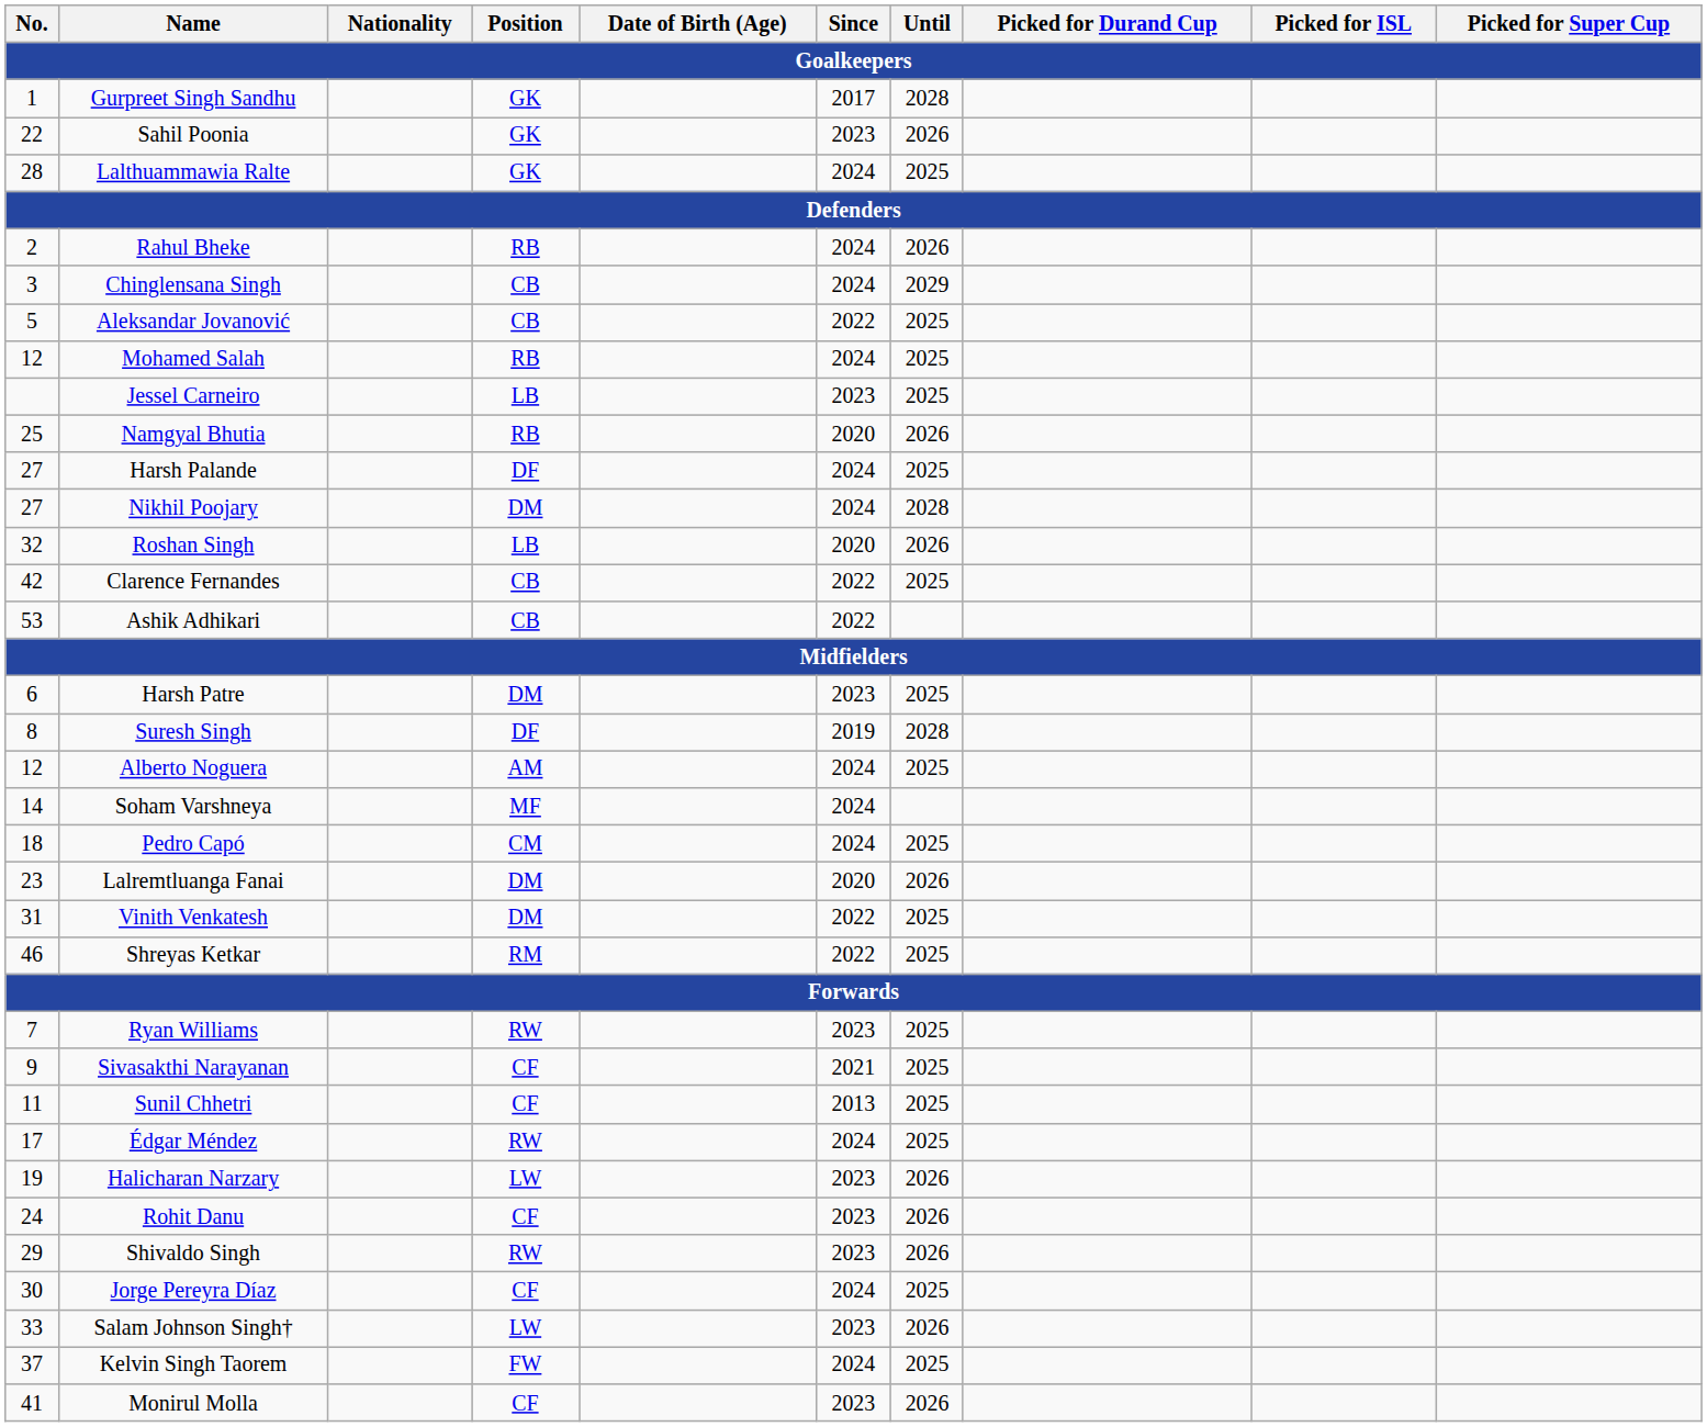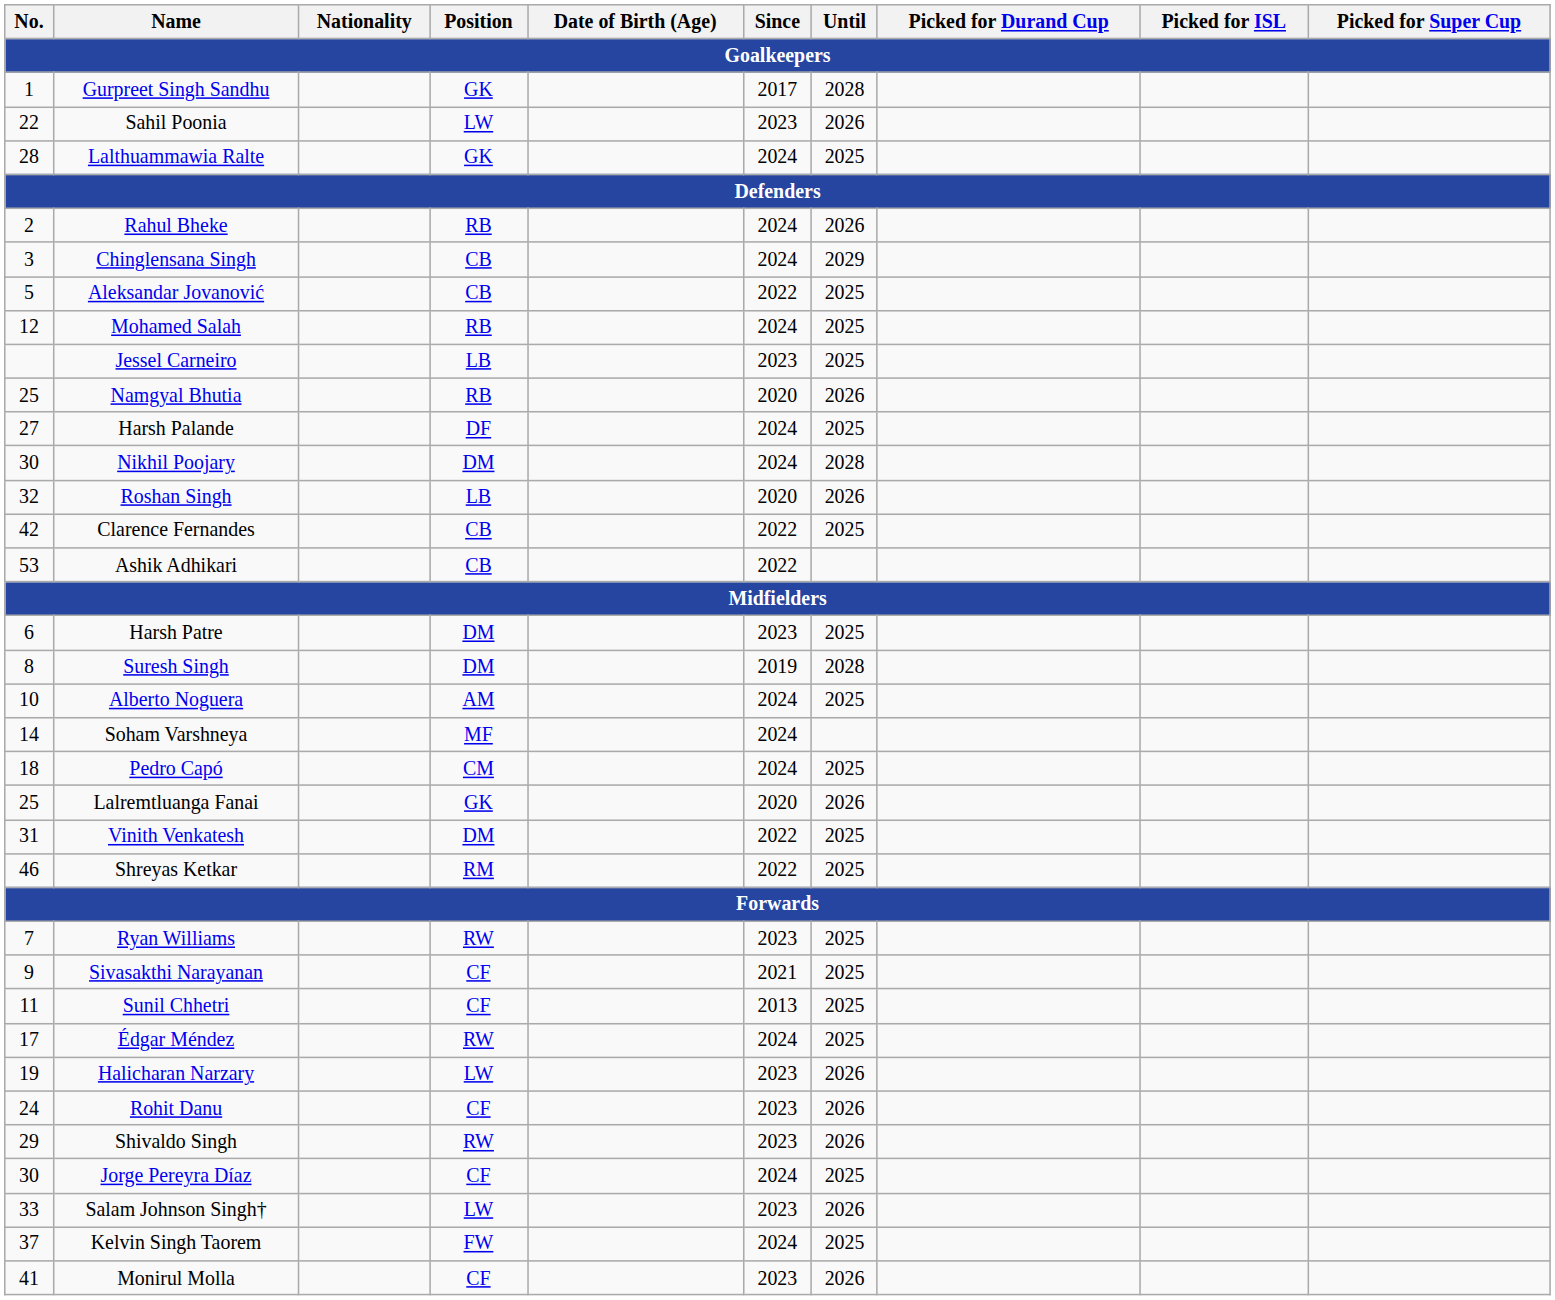 <table class="wikitable sortable" style="text-align:center; font-size:small; width:80%;">
 <tr>
 <th style="text-align:center;">No.</th>
 <th style="text-align:center;">Name</th>
 <th style="text-align:center;">Nationality</th>
 <th style="text-align:center;">Position</th>
 <th style="text-align:center;">Date of Birth (Age)</th>
 <th style="text-align:center;">Since</th>
 <th style="text-align:center;">Until</th>
 <th style="text-align:center;">Picked for <a href='#'>Durand Cup</a></th>
 <th style="text-align:center;">Picked for <a href='#'>ISL</a></th>
 <th style="text-align:center;">Picked for <a href='#'>Super Cup</a></th>
 </tr>
 <tr>
 <th colspan="10" style="background:#2545A0; color:#FFFFFF; ">Goalkeepers</th>
 </tr>
 <tr>
 <td>1</td>
 <td><a href='#'>Gurpreet Singh Sandhu</a></td>
 <td></td>
 <td><a href='#'>GK</a></td>
 <td></td>
 <td>2017</td>
 <td>2028</td>
 <td></td>
 <td></td>
 <td></td>
 </tr>
 <tr>
 <td>22</td>
 <td>Sahil Poonia</td>
 <td></td>
-<td><a href='#'>GK</a></td>
+<td><a href='#'>LW</a></td>
 <td></td>
 <td>2023</td>
 <td>2026</td>
 <td></td>
 <td></td>
 <td></td>
 </tr>
 <tr>
 <td>28</td>
 <td><a href='#'>Lalthuammawia Ralte</a></td>
 <td></td>
 <td><a href='#'>GK</a></td>
 <td></td>
 <td>2024</td>
 <td>2025</td>
 <td></td>
 <td></td>
 <td></td>
 </tr>
 <tr>
 <th colspan="10" style="background:#2545A0; color:#FFFFFF; ">Defenders</th>
 </tr>
 <tr>
 <td>2</td>
 <td><a href='#'>Rahul Bheke</a></td>
 <td></td>
 <td><a href='#'>RB</a></td>
 <td></td>
 <td>2024</td>
 <td>2026</td>
 <td></td>
 <td></td>
 <td></td>
 </tr>
 <tr>
 <td>3</td>
 <td><a href='#'>Chinglensana Singh</a></td>
 <td></td>
 <td><a href='#'>CB</a></td>
 <td></td>
 <td>2024</td>
 <td>2029</td>
 <td></td>
 <td></td>
 <td></td>
 </tr>
 <tr>
 <td>5</td>
 <td><a href='#'>Aleksandar Jovanović</a></td>
 <td> </td>
 <td><a href='#'>CB</a></td>
 <td></td>
 <td>2022</td>
 <td>2025</td>
 <td></td>
 <td></td>
 <td></td>
 </tr>
 <tr>
 <td>12</td>
 <td><a href='#'>Mohamed Salah</a></td>
 <td></td>
 <td><a href='#'>RB</a></td>
 <td></td>
 <td>2024</td>
 <td>2025</td>
 <td></td>
 <td></td>
 <td></td>
 </tr>
 <tr>
 <td></td>
 <td><a href='#'>Jessel Carneiro</a></td>
 <td></td>
 <td><a href='#'>LB</a></td>
 <td></td>
 <td>2023</td>
 <td>2025</td>
 <td></td>
 <td></td>
 <td></td>
 </tr>
 <tr>
 <td>25</td>
 <td><a href='#'>Namgyal Bhutia</a></td>
 <td></td>
 <td><a href='#'>RB</a></td>
 <td></td>
 <td>2020</td>
 <td>2026</td>
 <td></td>
 <td></td>
 <td></td>
 </tr>
 <tr>
 <td>27</td>
 <td>Harsh Palande</td>
 <td></td>
 <td><a href='#'>DF</a></td>
 <td></td>
 <td>2024</td>
 <td>2025</td>
 <td></td>
 <td></td>
 <td></td>
 </tr>
 <tr>
-<td>27</td>
+<td>30</td>
 <td><a href='#'>Nikhil Poojary</a></td>
 <td></td>
 <td><a href='#'>DM</a></td>
 <td></td>
 <td>2024</td>
 <td>2028</td>
 <td></td>
 <td></td>
 <td></td>
 </tr>
 <tr>
 <td>32</td>
 <td><a href='#'>Roshan Singh</a></td>
 <td></td>
 <td><a href='#'>LB</a></td>
 <td></td>
 <td>2020</td>
 <td>2026</td>
 <td></td>
 <td></td>
 <td></td>
 </tr>
 <tr>
 <td>42</td>
 <td>Clarence Fernandes</td>
 <td></td>
 <td><a href='#'>CB</a></td>
 <td></td>
 <td>2022</td>
 <td>2025</td>
 <td></td>
 <td></td>
 <td></td>
 </tr>
 <tr>
 <td>53</td>
 <td>Ashik Adhikari</td>
 <td></td>
 <td><a href='#'>CB</a></td>
 <td></td>
 <td>2022</td>
 <td></td>
 <td></td>
 <td></td>
 <td></td>
 </tr>
 <tr>
 <th colspan="10" style="background:#2545A0; color:#FFFFFF; ">Midfielders</th>
 </tr>
 <tr>
 <td>6</td>
 <td>Harsh Patre</td>
 <td></td>
 <td><a href='#'>DM</a></td>
 <td></td>
 <td>2023</td>
 <td>2025</td>
 <td></td>
 <td></td>
 <td></td>
 </tr>
 <tr>
 <td>8</td>
 <td><a href='#'>Suresh Singh</a></td>
 <td></td>
-<td><a href='#'>DF</a></td>
+<td><a href='#'>DM</a></td>
 <td></td>
 <td>2019</td>
 <td>2028</td>
 <td></td>
 <td></td>
 <td></td>
 </tr>
 <tr>
-<td>12</td>
+<td>10</td>
 <td><a href='#'>Alberto Noguera</a></td>
 <td></td>
 <td><a href='#'>AM</a></td>
 <td></td>
 <td>2024</td>
 <td>2025</td>
 <td></td>
 <td></td>
 <td></td>
 </tr>
 <tr>
 <td>14</td>
 <td>Soham Varshneya</td>
 <td></td>
 <td><a href='#'>MF</a></td>
 <td></td>
 <td>2024</td>
 <td></td>
 <td></td>
 <td></td>
 <td></td>
 </tr>
 <tr>
 <td>18</td>
 <td><a href='#'>Pedro Capó</a></td>
 <td></td>
 <td><a href='#'>CM</a></td>
 <td></td>
 <td>2024</td>
 <td>2025</td>
 <td></td>
 <td></td>
 <td></td>
 </tr>
 <tr>
-<td>23</td>
+<td>25</td>
 <td>Lalremtluanga Fanai</td>
 <td></td>
-<td><a href='#'>DM</a></td>
+<td><a href='#'>GK</a></td>
 <td></td>
 <td>2020</td>
 <td>2026</td>
 <td></td>
 <td></td>
 <td></td>
 </tr>
 <tr>
 <td>31</td>
 <td><a href='#'>Vinith Venkatesh</a></td>
 <td></td>
 <td><a href='#'>DM</a></td>
 <td></td>
 <td>2022</td>
 <td>2025</td>
 <td></td>
 <td></td>
 <td></td>
 </tr>
 <tr>
 <td>46</td>
 <td>Shreyas Ketkar</td>
 <td></td>
 <td><a href='#'>RM</a></td>
 <td></td>
 <td>2022</td>
 <td>2025</td>
 <td></td>
 <td></td>
 <td></td>
 </tr>
 <tr>
 <th colspan="10" style="background:#2545A0; color:#FFFFFF; ">Forwards</th>
 </tr>
 <tr>
 <td>7</td>
 <td><a href='#'>Ryan Williams</a></td>
 <td></td>
 <td><a href='#'>RW</a></td>
 <td></td>
 <td>2023</td>
 <td>2025</td>
 <td></td>
 <td></td>
 <td></td>
 </tr>
 <tr>
 <td>9</td>
 <td><a href='#'>Sivasakthi Narayanan</a></td>
 <td></td>
 <td><a href='#'>CF</a></td>
 <td></td>
 <td>2021</td>
 <td>2025</td>
 <td></td>
 <td></td>
 <td></td>
 </tr>
 <tr>
 <td>11</td>
 <td><a href='#'>Sunil Chhetri</a></td>
 <td></td>
 <td><a href='#'>CF</a></td>
 <td></td>
 <td>2013</td>
 <td>2025</td>
 <td></td>
 <td></td>
 <td></td>
 </tr>
 <tr>
 <td>17</td>
 <td><a href='#'>Édgar Méndez</a></td>
 <td></td>
 <td><a href='#'>RW</a></td>
 <td></td>
 <td>2024</td>
 <td>2025</td>
 <td></td>
 <td></td>
 <td></td>
 </tr>
 <tr>
 <td>19</td>
 <td><a href='#'>Halicharan Narzary</a></td>
 <td></td>
 <td><a href='#'>LW</a></td>
 <td></td>
 <td>2023</td>
 <td>2026</td>
 <td></td>
 <td></td>
 <td></td>
 </tr>
 <tr>
 <td>24</td>
 <td><a href='#'>Rohit Danu</a></td>
 <td></td>
 <td><a href='#'>CF</a></td>
 <td></td>
 <td>2023</td>
 <td>2026</td>
 <td></td>
 <td></td>
 <td></td>
 </tr>
 <tr>
 <td>29</td>
 <td>Shivaldo Singh</td>
 <td></td>
 <td><a href='#'>RW</a></td>
 <td></td>
 <td>2023</td>
 <td>2026</td>
 <td></td>
 <td></td>
 <td></td>
 </tr>
 <tr>
 <td>30</td>
 <td><a href='#'>Jorge Pereyra Díaz</a></td>
 <td></td>
 <td><a href='#'>CF</a></td>
 <td></td>
 <td>2024</td>
 <td>2025</td>
 <td></td>
 <td></td>
 <td></td>
 </tr>
 <tr>
 <td>33</td>
 <td>Salam Johnson Singh†</td>
 <td></td>
 <td><a href='#'>LW</a></td>
 <td></td>
 <td>2023</td>
 <td>2026</td>
 <td></td>
 <td></td>
 <td></td>
 </tr>
 <tr>
 <td>37</td>
 <td>Kelvin Singh Taorem</td>
 <td></td>
 <td><a href='#'>FW</a></td>
 <td></td>
 <td>2024</td>
 <td>2025</td>
 <td></td>
 <td></td>
 <td></td>
 </tr>
 <tr>
 <td>41</td>
 <td>Monirul Molla</td>
 <td></td>
 <td><a href='#'>CF</a></td>
 <td></td>
 <td>2023</td>
 <td>2026</td>
 <td></td>
 <td></td>
 <td></td>
 </tr>
 </table>
